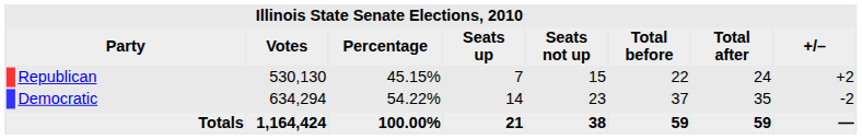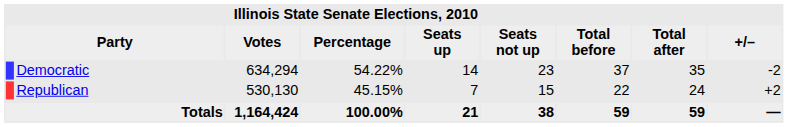 <table - style="background-color:#E9E9E9">
 <tr>
 <th colspan="8">Illinois State Senate Elections, 2010</th>
 </tr>
 <tr bgcolor="#EEEEEE" align="center">
 <th colspan=2 style="width: 15em">Party</th>
 <th style="width: 5em">Votes</th>
 <th style="width: 7em">Percentage</th>
 <th style="width: 5em">Seats<br>up</th>
 <th style="width: 5em">Seats<br>not up</th>
 <th style="width: 5em">Total<br>before</th>
 <th style="width: 5em">Total<br>after</th>
 <th style="width: 5em">+/–</th>
 </tr>
 <tr>
+<th style="background-color:#3333FF; width: 3px"></th>
+<td style="width: 130px"><a href='#'>Democratic</a></td>
+<td align="right">634,294</td>
+<td align="right">54.22%</td>
+<td align="right">14</td>
+<td align="right">23</td>
+<td align="right">37</td>
+<td align="right">35</td>
+<td align="right">-2</td>
+</tr>
+<tr>
 <th style="background-color:#FF3333; width: 3px"></th>
 <td style="width: 130px"><a href='#'>Republican</a></td>
 <td align="right">530,130</td>
 <td align="right">45.15%</td>
 <td align="right">7</td>
 <td align="right">15</td>
 <td align="right">22</td>
 <td align="right">24</td>
 <td align="right">+2</td>
-</tr>
-<tr>
-<th style="background-color:#3333FF; width: 3px"></th>
-<td style="width: 130px"><a href='#'>Democratic</a></td>
-<td align="right">634,294</td>
-<td align="right">54.22%</td>
-<td align="right">14</td>
-<td align="right">23</td>
-<td align="right">37</td>
-<td align="right">35</td>
-<td align="right">-2</td>
 </tr>
 <tr>
 </tr>
 <tr bgcolor="#EEEEEE">
 <td colspan="2" align="right"><strong>Totals</strong></td>
 <td align="right"><strong>1,164,424</strong></td>
 <td align="right"><strong>100.00%</strong></td>
 <td align="right"><strong>21</strong></td>
 <td align="right"><strong>38</strong></td>
 <td align="right"><strong>59</strong></td>
 <td align="right"><strong>59</strong></td>
 <td align="right"><strong>—</strong></td>
 </tr>
 </table>
